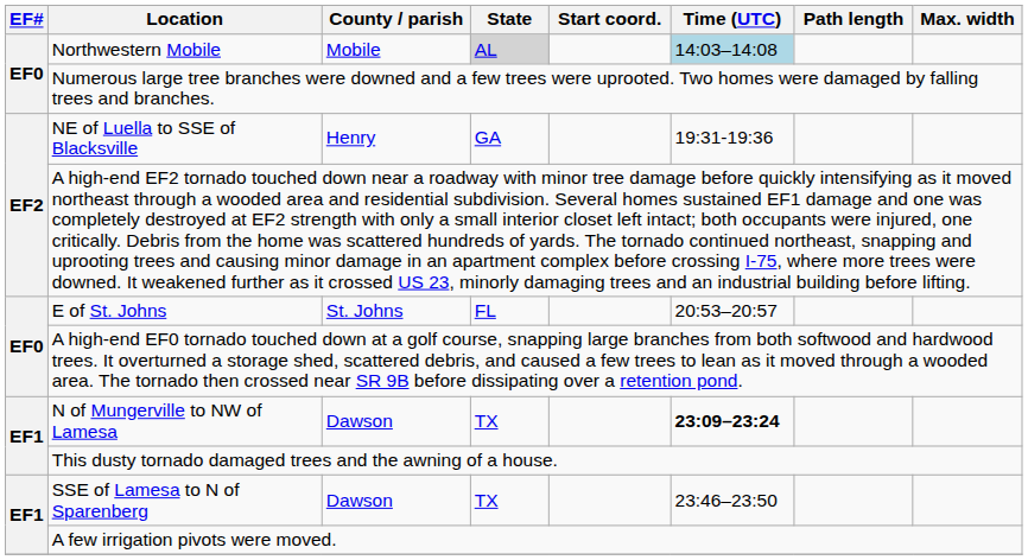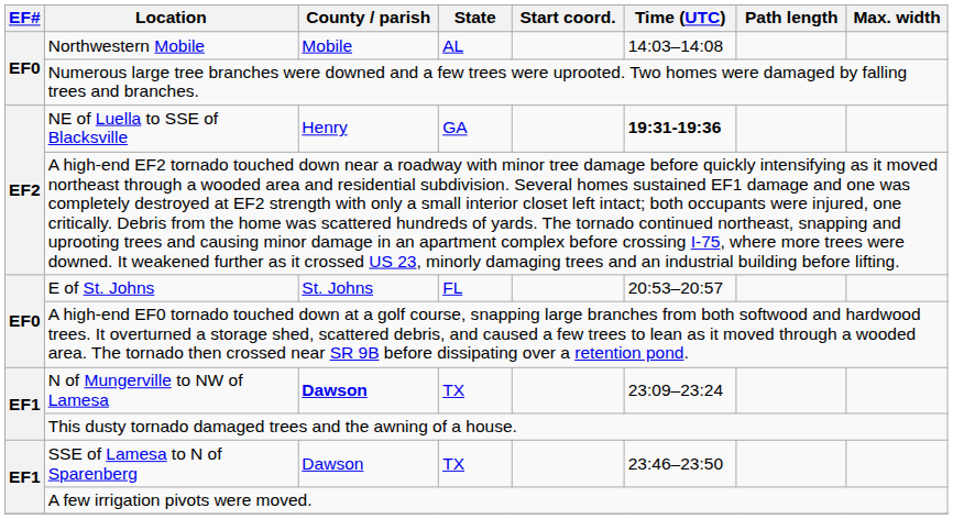 <table class="wikitable sortable" style="width:100%;">
 <tr>
 <th scope="col" width="2%" align="center"><a href='#'>EF#</a></th>
 <th scope="col" align="center" class="unsortable">Location</th>
 <th scope="col" align="center" class="unsortable">County / parish</th>
 <th scope="col" align="center">State</th>
 <th scope="col" align="center">Start coord.</th>
 <th scope="col" align="center">Time (<a href='#'>UTC</a>)</th>
 <th scope="col" align="center">Path length</th>
 <th scope="col" align="center">Max. width</th>
 </tr>
 <tr>
 <th scope="row" rowspan="2" style="background-color:#">EF0</th>
 <td>Northwestern <a href='#'>Mobile</a></td>
 <td><a href='#'>Mobile</a></td>
-<td style="background: lightgrey;"><a href='#'>AL</a></td>
+<td><a href='#'>AL</a></td>
 <td></td>
-<td style="background: lightblue;">14:03–14:08</td>
+<td>14:03–14:08</td>
 <td></td>
 <td></td>
 </tr>
 <tr class="expand-child">
 <td colspan="8" border-bottom: 1px solid black;>Numerous large tree branches were downed and a few trees were uprooted. Two homes were damaged by falling trees and branches.</td>
 </tr>
 <tr>
 <th scope="row" rowspan="2" style="background-color:#">EF2</th>
 <td>NE of <a href='#'>Luella</a> to SSE of <a href='#'>Blacksville</a></td>
 <td><a href='#'>Henry</a></td>
 <td><a href='#'>GA</a></td>
 <td></td>
-<td>19:31-19:36</td>
+<td><strong>19:31-19:36</strong></td>
 <td></td>
 <td></td>
 </tr>
 <tr class="expand-child">
 <td colspan="8" border-bottom: 1px solid black;>A high-end EF2 tornado touched down near a roadway with minor tree damage before quickly intensifying as it moved northeast through a wooded area and residential subdivision. Several homes sustained EF1 damage and one was completely destroyed at EF2 strength with only a small interior closet left intact; both occupants were injured, one critically. Debris from the home was scattered hundreds of yards. The tornado continued northeast, snapping and uprooting trees and causing minor damage in an apartment complex before crossing <a href='#'>I-75</a>, where more trees were downed. It weakened further as it crossed <a href='#'>US 23</a>, minorly damaging trees and an industrial building before lifting.</td>
 </tr>
 <tr>
 <th scope="row" rowspan="2" style="background-color:#">EF0</th>
 <td>E of <a href='#'>St. Johns</a></td>
 <td><a href='#'>St. Johns</a></td>
 <td><a href='#'>FL</a></td>
 <td></td>
 <td>20:53–20:57</td>
 <td></td>
 <td></td>
 </tr>
 <tr class="expand-child">
 <td colspan="8" border-bottom: 1px solid black;>A high-end EF0 tornado touched down at a golf course, snapping large branches from both softwood and hardwood trees. It overturned a storage shed, scattered debris, and caused a few trees to lean as it moved through a wooded area. The tornado then crossed near <a href='#'>SR 9B</a> before dissipating over a <a href='#'>retention pond</a>.</td>
 </tr>
 <tr>
 <th scope="row" rowspan="2" style="background-color:#">EF1</th>
 <td>N of <a href='#'>Mungerville</a> to NW of <a href='#'>Lamesa</a></td>
-<td><a href='#'>Dawson</a></td>
+<td><strong><a href='#'>Dawson</a></strong></td>
 <td><a href='#'>TX</a></td>
 <td></td>
-<td><strong>23:09–23:24</strong></td>
+<td>23:09–23:24</td>
 <td></td>
 <td></td>
 </tr>
 <tr class="expand-child">
 <td colspan="8" border-bottom: 1px solid black;>This dusty tornado damaged trees and the awning of a house.</td>
 </tr>
 <tr>
 <th scope="row" rowspan="2" style="background-color:#">EF1</th>
 <td>SSE of <a href='#'>Lamesa</a> to N of <a href='#'>Sparenberg</a></td>
 <td><a href='#'>Dawson</a></td>
 <td><a href='#'>TX</a></td>
 <td></td>
 <td>23:46–23:50</td>
 <td></td>
 <td></td>
 </tr>
 <tr class="expand-child">
 <td colspan="8" border-bottom: 1px solid black;>A few irrigation pivots were moved.</td>
 </tr>
 <tr>
 </tr>
 </table>
